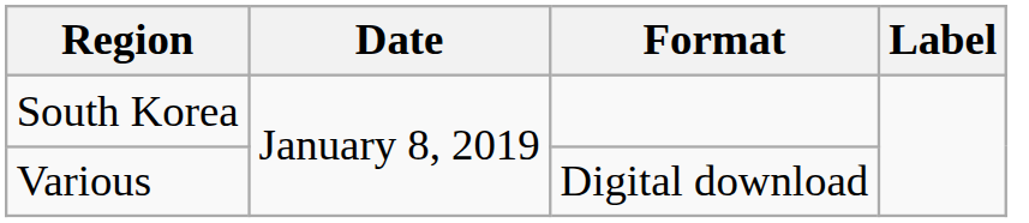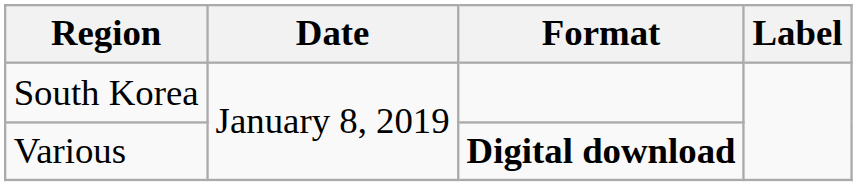 <table class="wikitable">
 <tr>
 <th>Region</th>
 <th>Date</th>
 <th>Format</th>
 <th>Label</th>
 </tr>
 <tr>
 <td>South Korea</td>
 <td rowspan="2">January 8, 2019</td>
 <td></td>
 <td rowspan="2"></td>
 </tr>
 <tr>
 <td>Various</td>
-<td>Digital download</td>
+<td><strong>Digital download</strong></td>
 </tr>
 </table>
